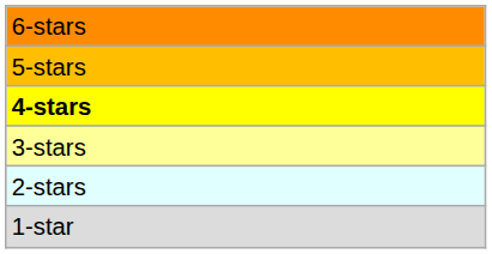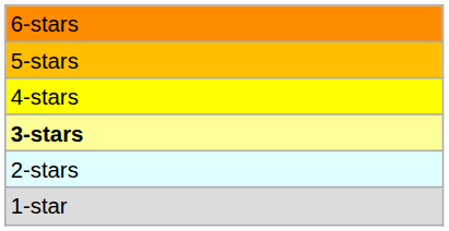 <table class="wikitable" style="font-size:80%; width:20%">
 <tr>
 <td bgcolor="#FF8C00">6-stars</td>
 </tr>
 <tr>
 <td bgcolor="#FFBF00">5-stars</td>
 </tr>
 <tr>
-<td bgcolor="#FFFF00"><strong>4-stars</strong></td>
+<td bgcolor="#FFFF00">4-stars</td>
 </tr>
 <tr>
-<td bgcolor="#FFFF99">3-stars</td>
+<td bgcolor="#FFFF99"><strong>3-stars</strong></td>
 </tr>
 <tr>
 <td bgcolor="#E0FFFF">2-stars</td>
 </tr>
 <tr>
 <td bgcolor="#DCDCDC">1-star</td>
 </tr>
 </table>
